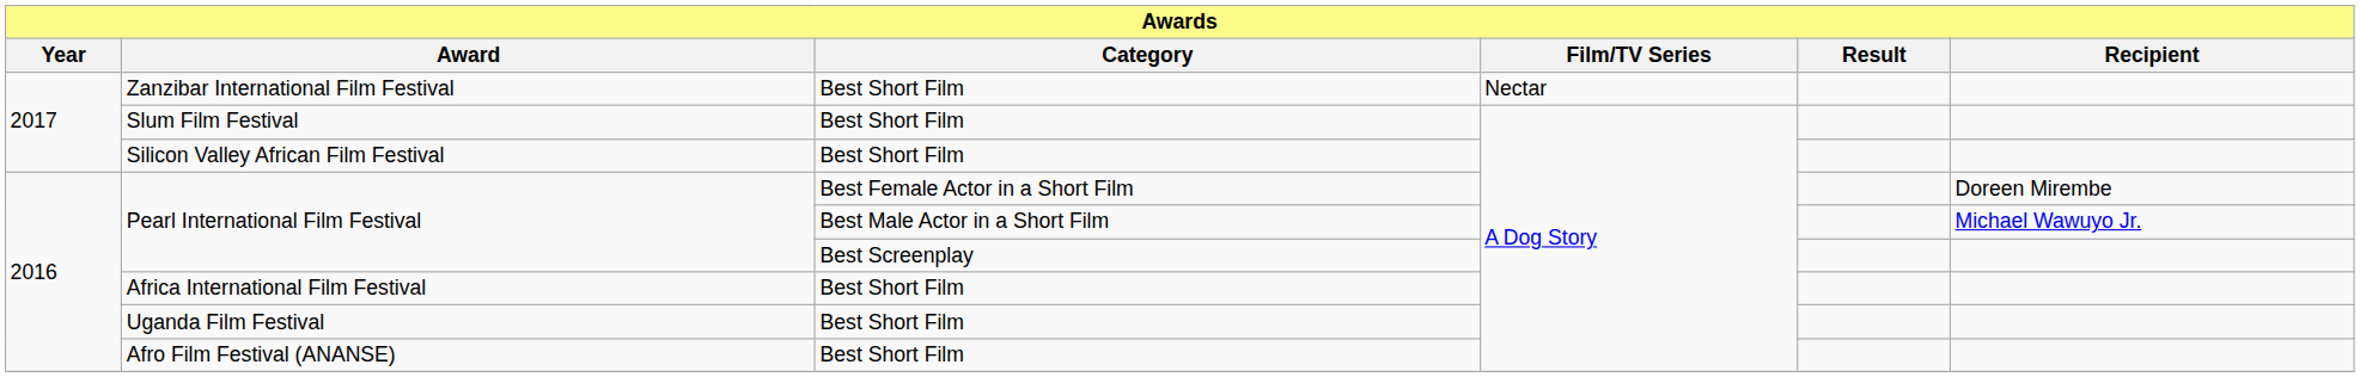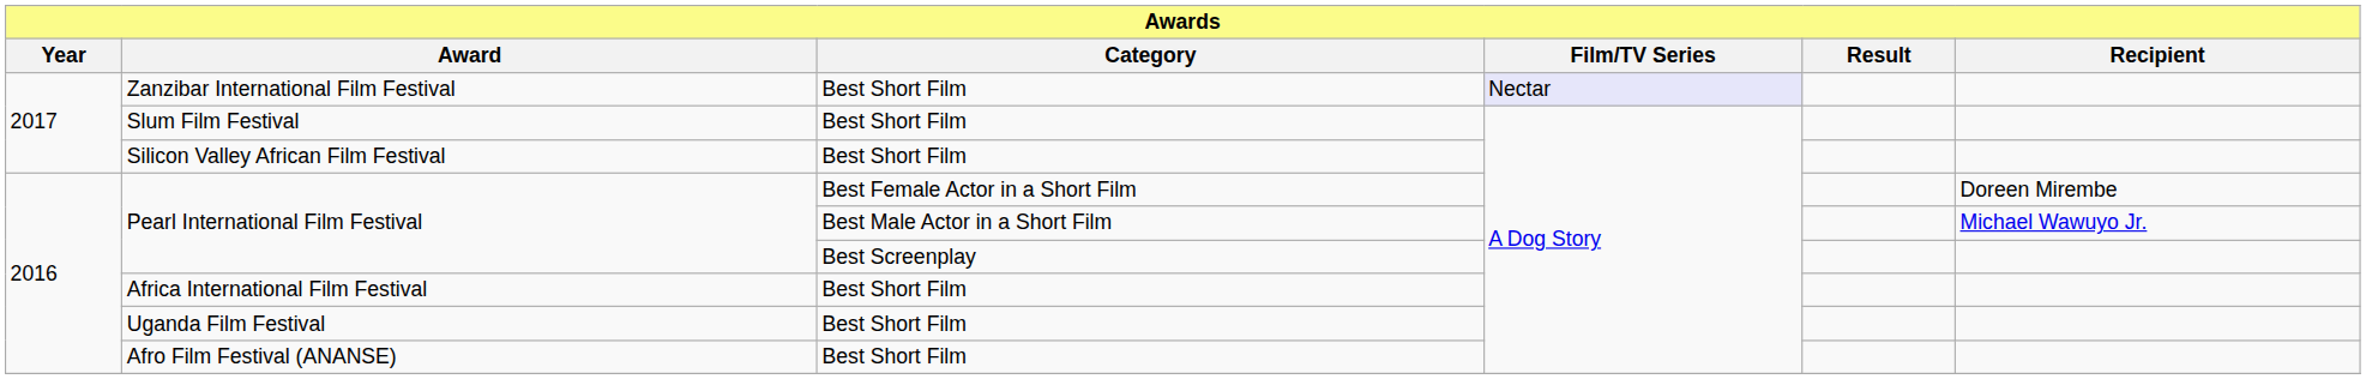 <table class="wikitable" style="width:90%;">
 <tr>
 <th colspan="6" style="background: #FBFC8A;">Awards</th>
 </tr>
 <tr style="background:#ccc; text-align:center;">
 <th>Year</th>
 <th>Award</th>
 <th>Category</th>
 <th>Film/TV Series</th>
 <th>Result</th>
 <th>Recipient</th>
 </tr>
 <tr>
 <td rowspan="3">2017</td>
 <td>Zanzibar International Film Festival</td>
 <td>Best Short Film</td>
-<td>Nectar</td>
+<td style="background: lavender;">Nectar</td>
 <td></td>
 <td></td>
 </tr>
 <tr>
 <td>Slum Film Festival</td>
 <td>Best Short Film</td>
 <td rowspan="8"><a href='#'>A Dog Story</a></td>
 <td></td>
 <td></td>
 </tr>
 <tr>
 <td>Silicon Valley African Film Festival</td>
 <td>Best Short Film</td>
 <td></td>
 <td></td>
 </tr>
 <tr>
 <td rowspan="6">2016</td>
 <td rowspan="3">Pearl International Film Festival</td>
 <td>Best Female Actor in a Short Film</td>
 <td></td>
 <td>Doreen Mirembe</td>
 </tr>
 <tr>
 <td>Best Male Actor in a Short Film</td>
 <td></td>
 <td><a href='#'>Michael Wawuyo Jr.</a></td>
 </tr>
 <tr>
 <td>Best Screenplay</td>
 <td></td>
 <td></td>
 </tr>
 <tr>
 <td>Africa International Film Festival</td>
 <td>Best Short Film</td>
 <td></td>
 <td></td>
 </tr>
 <tr>
 <td>Uganda Film Festival</td>
 <td>Best Short Film</td>
 <td></td>
 <td></td>
 </tr>
 <tr>
 <td>Afro Film Festival (ANANSE)</td>
 <td>Best Short Film</td>
 <td></td>
 <td></td>
 </tr>
 <tr>
 </tr>
 </table>
